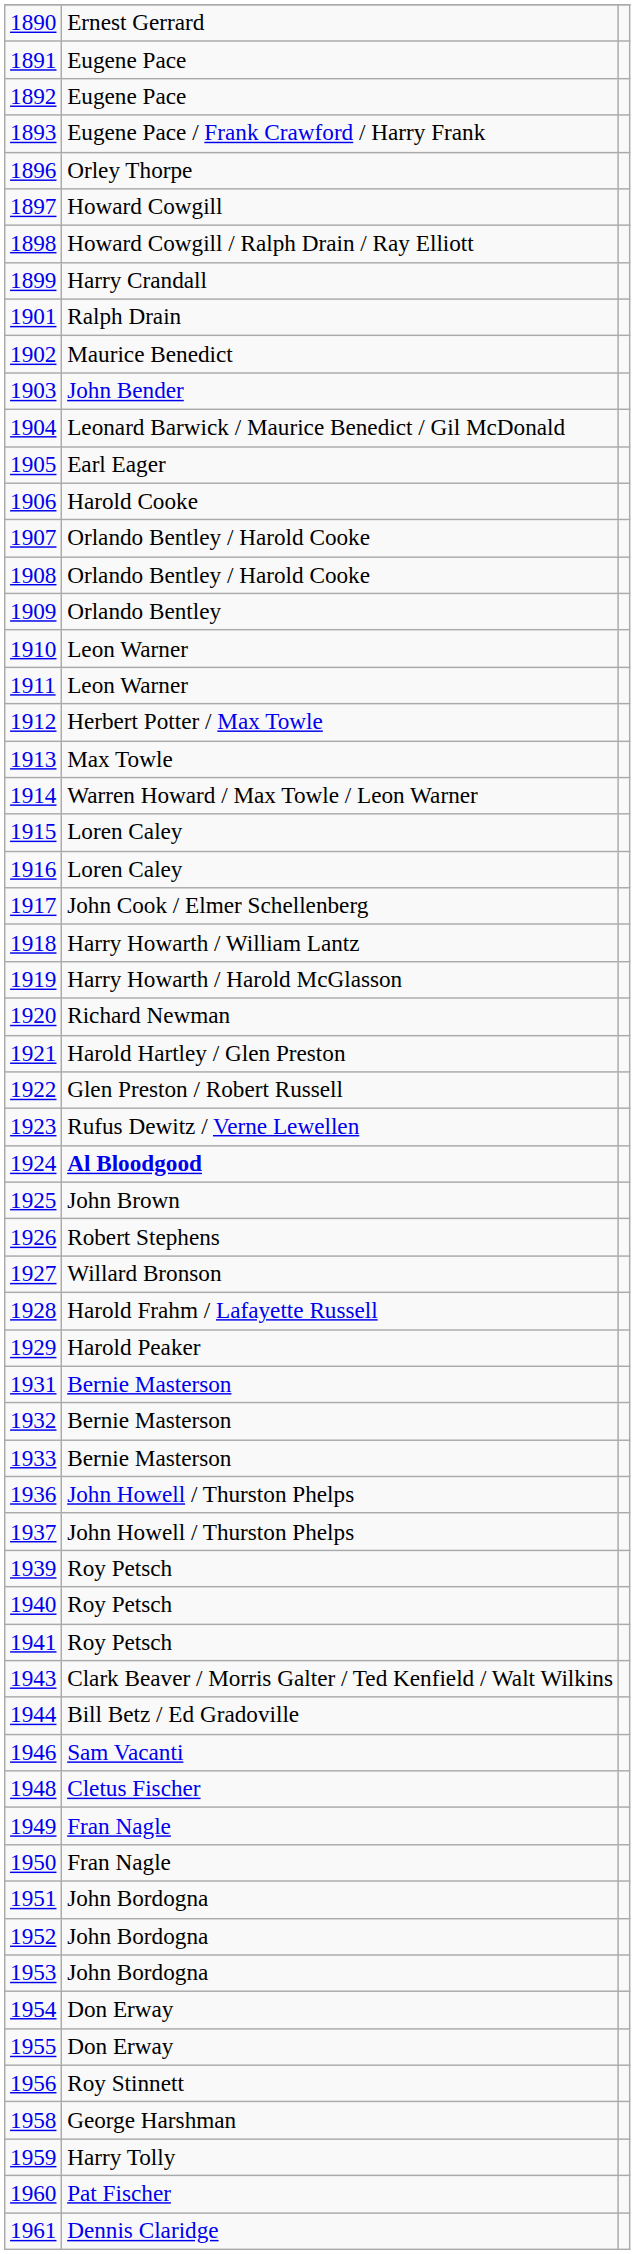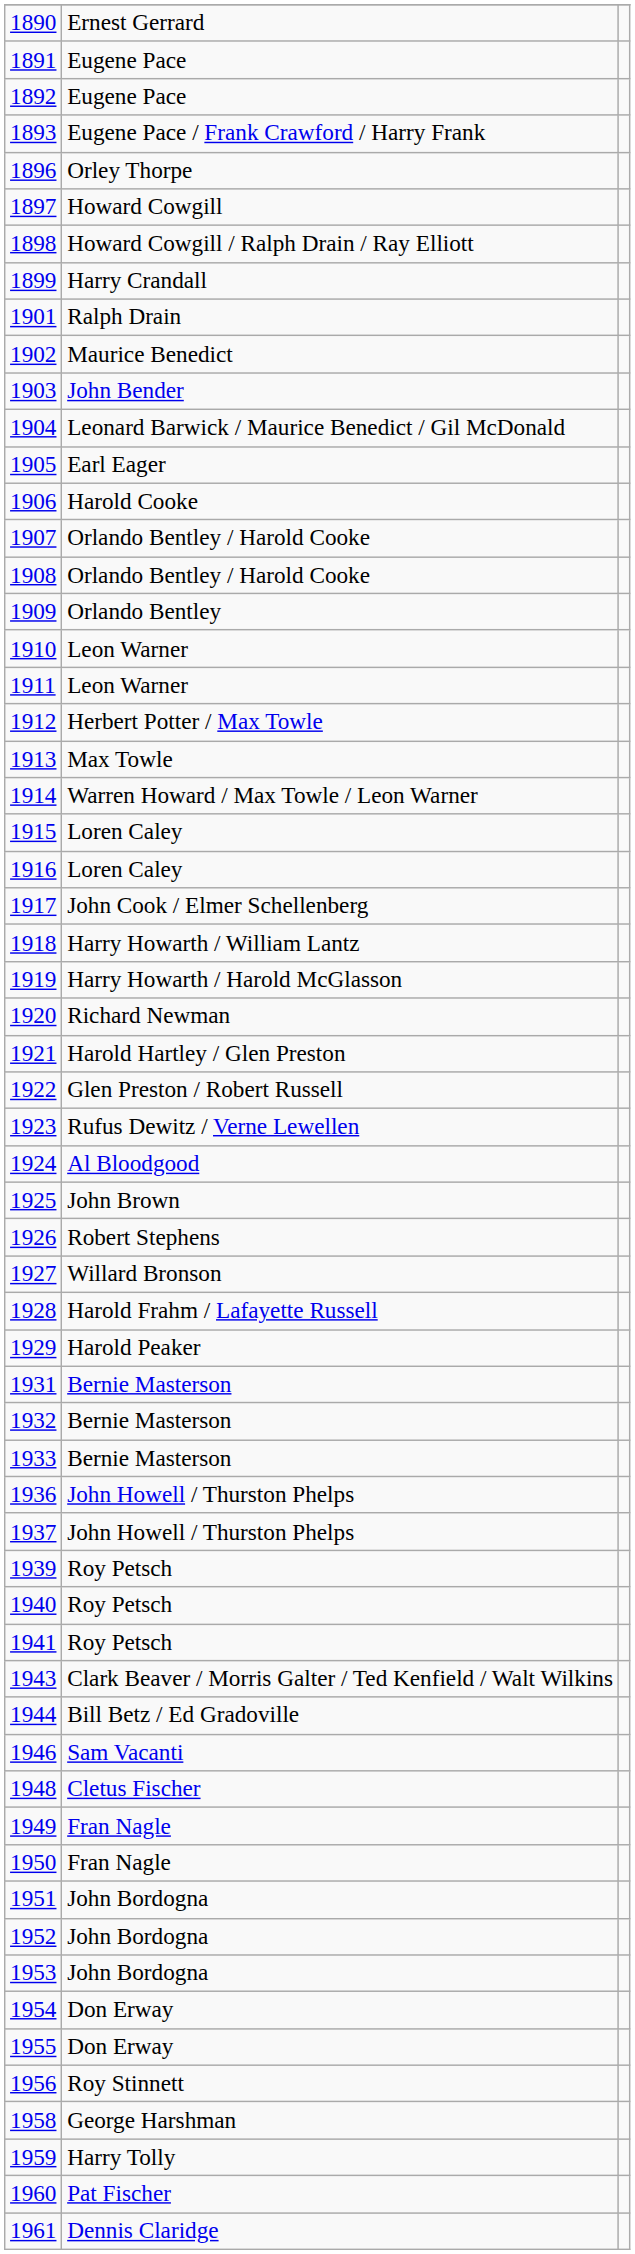 <table class="wikitable collapsible collapsed">
 <tr>
 </tr>
 <tr>
 <td><a href='#'>1890</a></td>
 <td>Ernest Gerrard</td>
 <td></td>
 </tr>
 <tr>
 <td><a href='#'>1891</a></td>
 <td>Eugene Pace</td>
 <td></td>
 </tr>
 <tr>
 <td><a href='#'>1892</a></td>
 <td>Eugene Pace </td>
 <td></td>
 </tr>
 <tr>
 <td><a href='#'>1893</a></td>
 <td>Eugene Pace  / <a href='#'>Frank Crawford</a>  / Harry Frank </td>
 <td></td>
 </tr>
 <tr>
 <td><a href='#'>1896</a></td>
 <td>Orley Thorpe</td>
 <td></td>
 </tr>
 <tr>
 <td><a href='#'>1897</a></td>
 <td>Howard Cowgill</td>
 <td></td>
 </tr>
 <tr>
 <td><a href='#'>1898</a></td>
 <td>Howard Cowgill / Ralph Drain / Ray Elliott</td>
 <td></td>
 </tr>
 <tr>
 <td><a href='#'>1899</a></td>
 <td>Harry Crandall</td>
 <td></td>
 </tr>
 <tr>
 <td><a href='#'>1901</a></td>
 <td>Ralph Drain</td>
 <td></td>
 </tr>
 <tr>
 <td><a href='#'>1902</a></td>
 <td>Maurice Benedict</td>
 <td></td>
 </tr>
 <tr>
 <td><a href='#'>1903</a></td>
 <td><a href='#'>John Bender</a></td>
 <td></td>
 </tr>
 <tr>
 <td><a href='#'>1904</a></td>
 <td>Leonard Barwick / Maurice Benedict / Gil McDonald</td>
 <td></td>
 </tr>
 <tr>
 <td><a href='#'>1905</a></td>
 <td>Earl Eager</td>
 <td></td>
 </tr>
 <tr>
 <td><a href='#'>1906</a></td>
 <td>Harold Cooke</td>
 <td></td>
 </tr>
 <tr>
 <td><a href='#'>1907</a></td>
 <td>Orlando Bentley / Harold Cooke</td>
 <td></td>
 </tr>
 <tr>
 <td><a href='#'>1908</a></td>
 <td>Orlando Bentley / Harold Cooke</td>
 <td></td>
 </tr>
 <tr>
 <td><a href='#'>1909</a></td>
 <td>Orlando Bentley</td>
 <td></td>
 </tr>
 <tr>
 <td><a href='#'>1910</a></td>
 <td>Leon Warner</td>
 <td></td>
 </tr>
 <tr>
 <td><a href='#'>1911</a></td>
 <td>Leon Warner</td>
 <td></td>
 </tr>
 <tr>
 <td><a href='#'>1912</a></td>
 <td>Herbert Potter / <a href='#'>Max Towle</a></td>
 <td></td>
 </tr>
 <tr>
 <td><a href='#'>1913</a></td>
 <td>Max Towle </td>
 <td></td>
 </tr>
 <tr>
 <td><a href='#'>1914</a></td>
 <td>Warren Howard / Max Towle / Leon Warner</td>
 <td></td>
 </tr>
 <tr>
 <td><a href='#'>1915</a></td>
 <td>Loren Caley</td>
 <td></td>
 </tr>
 <tr>
 <td><a href='#'>1916</a></td>
 <td>Loren Caley</td>
 <td></td>
 </tr>
 <tr>
 <td><a href='#'>1917</a></td>
 <td>John Cook / Elmer Schellenberg</td>
 <td></td>
 </tr>
 <tr>
 <td><a href='#'>1918</a></td>
 <td>Harry Howarth  / William Lantz </td>
 <td></td>
 </tr>
 <tr>
 <td><a href='#'>1919</a></td>
 <td>Harry Howarth / Harold McGlasson</td>
 <td></td>
 </tr>
 <tr>
 <td><a href='#'>1920</a></td>
 <td>Richard Newman</td>
 <td></td>
 </tr>
 <tr>
 <td><a href='#'>1921</a></td>
 <td>Harold Hartley / Glen Preston</td>
 <td></td>
 </tr>
 <tr>
 <td><a href='#'>1922</a></td>
 <td>Glen Preston / Robert Russell</td>
 <td></td>
 </tr>
 <tr>
 <td><a href='#'>1923</a></td>
 <td>Rufus Dewitz / <a href='#'>Verne Lewellen</a></td>
 <td></td>
 </tr>
 <tr>
 <td><a href='#'>1924</a></td>
-<td><strong><a href='#'>Al Bloodgood</a></strong></td>
+<td><a href='#'>Al Bloodgood</a></td>
 <td></td>
 </tr>
 <tr>
 <td><a href='#'>1925</a></td>
 <td>John Brown</td>
 <td></td>
 </tr>
 <tr>
 <td><a href='#'>1926</a></td>
 <td>Robert Stephens</td>
 <td></td>
 </tr>
 <tr>
 <td><a href='#'>1927</a></td>
 <td>Willard Bronson</td>
 <td></td>
 </tr>
 <tr>
 <td><a href='#'>1928</a></td>
 <td>Harold Frahm / <a href='#'>Lafayette Russell</a></td>
 <td></td>
 </tr>
 <tr>
 <td><a href='#'>1929</a></td>
 <td>Harold Peaker</td>
 <td></td>
 </tr>
 <tr>
 <td><a href='#'>1931</a></td>
 <td><a href='#'>Bernie Masterson</a></td>
 <td></td>
 </tr>
 <tr>
 <td><a href='#'>1932</a></td>
 <td>Bernie Masterson</td>
 <td></td>
 </tr>
 <tr>
 <td><a href='#'>1933</a></td>
 <td>Bernie Masterson</td>
 <td></td>
 </tr>
 <tr>
 <td><a href='#'>1936</a></td>
 <td><a href='#'>John Howell</a> / Thurston Phelps</td>
 <td></td>
 </tr>
 <tr>
 <td><a href='#'>1937</a></td>
 <td>John Howell / Thurston Phelps</td>
 <td></td>
 </tr>
 <tr>
 <td><a href='#'>1939</a></td>
 <td>Roy Petsch</td>
 <td></td>
 </tr>
 <tr>
 <td><a href='#'>1940</a></td>
 <td>Roy Petsch</td>
 <td></td>
 </tr>
 <tr>
 <td><a href='#'>1941</a></td>
 <td>Roy Petsch</td>
 <td></td>
 </tr>
 <tr>
 <td><a href='#'>1943</a></td>
 <td>Clark Beaver / Morris Galter / Ted Kenfield / Walt Wilkins</td>
 <td></td>
 </tr>
 <tr>
 <td><a href='#'>1944</a></td>
 <td>Bill Betz / Ed Gradoville</td>
 <td></td>
 </tr>
 <tr>
 <td><a href='#'>1946</a></td>
 <td><a href='#'>Sam Vacanti</a></td>
 <td></td>
 </tr>
 <tr>
 <td><a href='#'>1948</a></td>
 <td><a href='#'>Cletus Fischer</a></td>
 <td></td>
 </tr>
 <tr>
 <td><a href='#'>1949</a></td>
 <td><a href='#'>Fran Nagle</a></td>
 <td></td>
 </tr>
 <tr>
 <td><a href='#'>1950</a></td>
 <td>Fran Nagle</td>
 <td></td>
 </tr>
 <tr>
 <td><a href='#'>1951</a></td>
 <td>John Bordogna</td>
 <td></td>
 </tr>
 <tr>
 <td><a href='#'>1952</a></td>
 <td>John Bordogna</td>
 <td></td>
 </tr>
 <tr>
 <td><a href='#'>1953</a></td>
 <td>John Bordogna</td>
 <td></td>
 </tr>
 <tr>
 <td><a href='#'>1954</a></td>
 <td>Don Erway</td>
 <td></td>
 </tr>
 <tr>
 <td><a href='#'>1955</a></td>
 <td>Don Erway</td>
 <td></td>
 </tr>
 <tr>
 <td><a href='#'>1956</a></td>
 <td>Roy Stinnett</td>
 <td></td>
 </tr>
 <tr>
 <td><a href='#'>1958</a></td>
 <td>George Harshman</td>
 <td></td>
 </tr>
 <tr>
 <td><a href='#'>1959</a></td>
 <td>Harry Tolly</td>
 <td></td>
 </tr>
 <tr>
 <td><a href='#'>1960</a></td>
 <td><a href='#'>Pat Fischer</a></td>
 <td></td>
 </tr>
 <tr>
 <td><a href='#'>1961</a></td>
 <td><a href='#'>Dennis Claridge</a></td>
 <td></td>
 </tr>
 </table>
